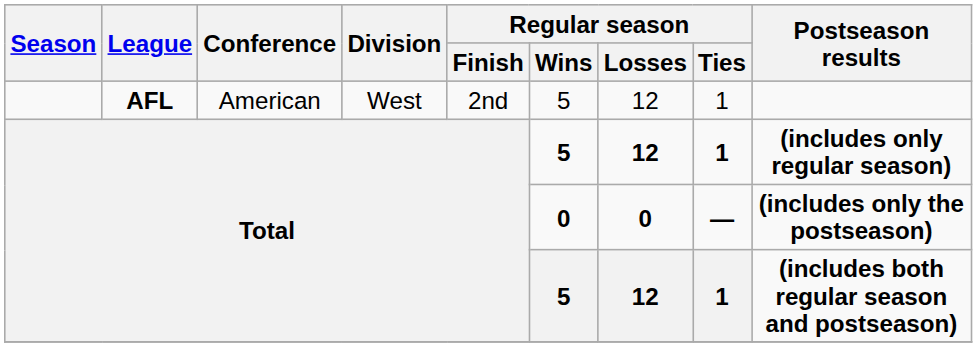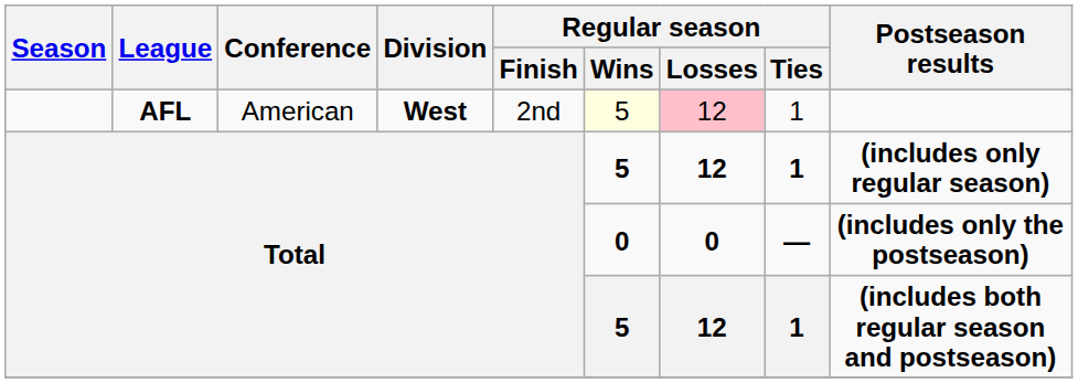 <table class="wikitable" style="text-align:center; font-size: 95%;">
 <tr>
 <th rowspan="2"><a href='#'>Season</a></th>
 <th rowspan="2"><a href='#'>League</a></th>
 <th rowspan="2">Conference</th>
 <th rowspan="2">Division</th>
 <th colspan="4">Regular season</th>
 <th rowspan="2">Postseason results</th>
 </tr>
 <tr>
 <th>Finish</th>
 <th>Wins</th>
 <th>Losses</th>
 <th>Ties</th>
 </tr>
 <tr>
 <td align="center"></td>
 <td align="center"><strong>AFL</strong></td>
 <td align="center">American</td>
-<td align="center">West</td>
+<td align="center"><strong>West</strong></td>
 <td align="center">2nd</td>
-<td align="center">5</td>
-<td align="center">12</td>
+<td align="center" style="background: lightyellow;">5</td>
+<td align="center" style="background: pink;">12</td>
 <td align="center">1</td>
 <td></td>
 </tr>
 <tr>
 <th align="center" rowSpan="3" colspan="5">Total</th>
 <td align="center"><strong>5</strong></td>
 <td align="center"><strong>12</strong></td>
 <td align="center"><strong>1</strong></td>
 <td colSpan="3"><strong>(includes only regular season)</strong></td>
 </tr>
 <tr>
 <td align="center"><strong>0</strong></td>
 <td align="center"><strong>0</strong></td>
 <td align="center"><strong>—</strong></td>
 <td colSpan="3"><strong>(includes only the postseason)</strong></td>
 </tr>
 <tr>
 <th align="center">5</th>
 <th align="center">12</th>
 <th align="center">1</th>
 <td colSpan="3"><strong>(includes both regular season and postseason)</strong></td>
 </tr>
 <tr>
 </tr>
 </table>
